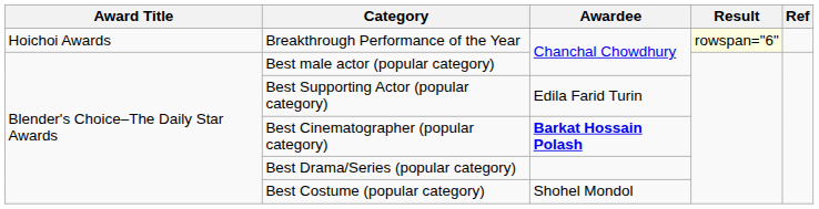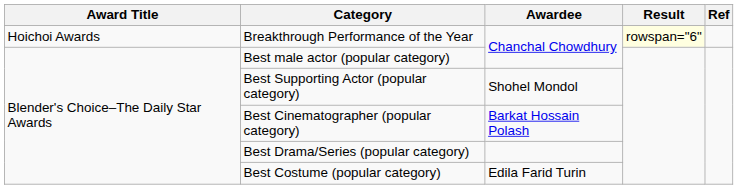 <table class="wikitable">
 <tr>
 <th>Award Title</th>
 <th>Category</th>
 <th>Awardee</th>
 <th>Result</th>
 <th>Ref</th>
 </tr>
 <tr>
 <td>Hoichoi Awards</td>
 <td>Breakthrough Performance of the Year</td>
 <td rowspan="2"><a href='#'>Chanchal Chowdhury</a></td>
 <td style="background: lightyellow;">rowspan="6" </td>
 <td></td>
 </tr>
 <tr>
 <td rowspan="5">Blender's Choice–The Daily Star Awards</td>
 <td>Best male actor (popular category)</td>
 <td rowspan="5"></td>
 </tr>
 <tr>
 <td>Best Supporting Actor (popular category)</td>
-<td>Edila Farid Turin</td>
+<td>Shohel Mondol</td>
 </tr>
 <tr>
 <td>Best Cinematographer (popular category)</td>
-<td><strong><a href='#'>Barkat Hossain Polash</a></strong></td>
+<td><a href='#'>Barkat Hossain Polash</a></td>
 </tr>
 <tr>
 <td>Best Drama/Series (popular category)</td>
 <td></td>
 </tr>
 <tr>
 <td>Best Costume (popular category)</td>
-<td>Shohel Mondol</td>
+<td>Edila Farid Turin</td>
 </tr>
 </table>
